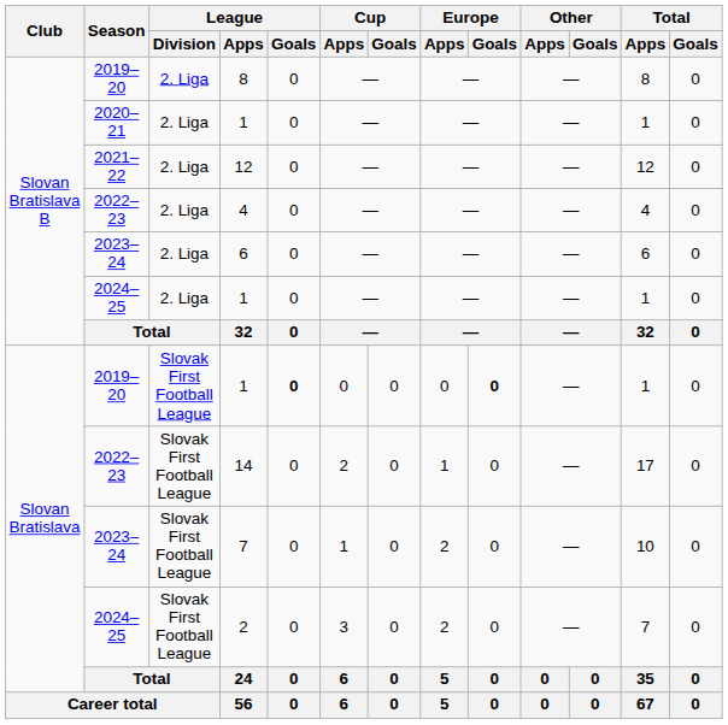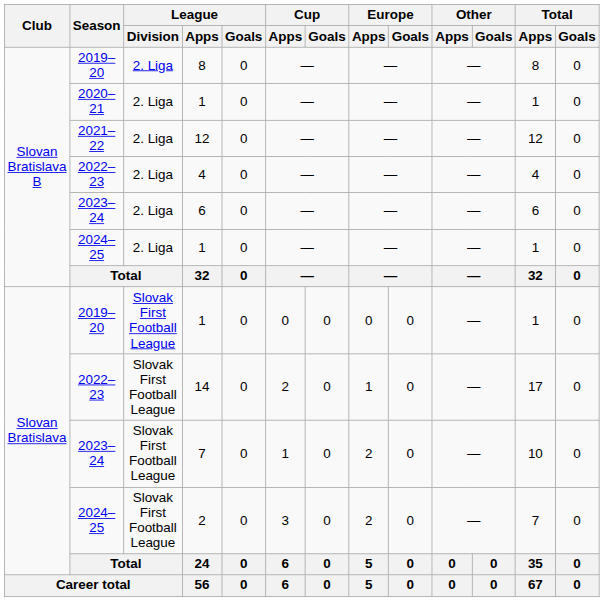 <table class="wikitable" style="text-align: center;">
 <tr>
 <th rowspan=2>Club</th>
 <th rowspan=2>Season</th>
 <th colspan=3>League</th>
 <th colspan=2>Cup</th>
 <th colspan=2>Europe</th>
 <th colspan=2>Other</th>
 <th colspan=2>Total</th>
 </tr>
 <tr>
 <th>Division</th>
 <th>Apps</th>
 <th>Goals</th>
 <th>Apps</th>
 <th>Goals</th>
 <th>Apps</th>
 <th>Goals</th>
 <th>Apps</th>
 <th>Goals</th>
 <th>Apps</th>
 <th>Goals</th>
 </tr>
 <tr>
 <td rowspan="7"><a href='#'>Slovan Bratislava B</a></td>
 <td><a href='#'>2019–20</a></td>
 <td><a href='#'>2. Liga</a></td>
 <td>8</td>
 <td>0</td>
 <td colspan="2">—</td>
 <td colspan="2">—</td>
 <td colspan="2">—</td>
 <td>8</td>
 <td>0</td>
 </tr>
 <tr>
 <td><a href='#'>2020–21</a></td>
 <td>2. Liga</td>
 <td>1</td>
 <td>0</td>
 <td colspan="2">—</td>
 <td colspan="2">—</td>
 <td colspan="2">—</td>
 <td>1</td>
 <td>0</td>
 </tr>
 <tr>
 <td><a href='#'>2021–22</a></td>
 <td>2. Liga</td>
 <td>12</td>
 <td>0</td>
 <td colspan="2">—</td>
 <td colspan="2">—</td>
 <td colspan="2">—</td>
 <td>12</td>
 <td>0</td>
 </tr>
 <tr>
 <td><a href='#'>2022–23</a></td>
 <td>2. Liga</td>
 <td>4</td>
 <td>0</td>
 <td colspan="2">—</td>
 <td colspan="2">—</td>
 <td colspan="2">—</td>
 <td>4</td>
 <td>0</td>
 </tr>
 <tr>
 <td><a href='#'>2023–24</a></td>
 <td>2. Liga</td>
 <td>6</td>
 <td>0</td>
 <td colspan="2">—</td>
 <td colspan="2">—</td>
 <td colspan="2">—</td>
 <td>6</td>
 <td>0</td>
 </tr>
 <tr>
 <td><a href='#'>2024–25</a></td>
 <td>2. Liga</td>
 <td>1</td>
 <td>0</td>
 <td colspan="2">—</td>
 <td colspan="2">—</td>
 <td colspan="2">—</td>
 <td>1</td>
 <td>0</td>
 </tr>
 <tr>
 <th colspan="2">Total</th>
 <th>32</th>
 <th>0</th>
 <th colspan="2">—</th>
 <th colspan="2">—</th>
 <th colspan="2">—</th>
 <th>32</th>
 <th>0</th>
 </tr>
 <tr>
 <td rowspan="5"><a href='#'>Slovan Bratislava</a></td>
 <td><a href='#'>2019–20</a></td>
 <td><a href='#'>Slovak First Football League</a></td>
 <td>1</td>
-<td><strong>0</strong></td>
 <td>0</td>
 <td>0</td>
 <td>0</td>
-<td><strong>0</strong></td>
+<td>0</td>
+<td>0</td>
 <td colspan="2">—</td>
 <td>1</td>
 <td>0</td>
 </tr>
 <tr>
 <td><a href='#'>2022–23</a></td>
 <td>Slovak First Football League</td>
 <td>14</td>
 <td>0</td>
 <td>2</td>
 <td>0</td>
 <td>1</td>
 <td>0</td>
 <td colspan="2">—</td>
 <td>17</td>
 <td>0</td>
 </tr>
 <tr>
 <td><a href='#'>2023–24</a></td>
 <td>Slovak First Football League</td>
 <td>7</td>
 <td>0</td>
 <td>1</td>
 <td>0</td>
 <td>2</td>
 <td>0</td>
 <td colspan="2">—</td>
 <td>10</td>
 <td>0</td>
 </tr>
 <tr>
 <td><a href='#'>2024–25</a></td>
 <td>Slovak First Football League</td>
 <td>2</td>
 <td>0</td>
 <td>3</td>
 <td>0</td>
 <td>2</td>
 <td>0</td>
 <td colspan="2">—</td>
 <td>7</td>
 <td>0</td>
 </tr>
 <tr>
 <th colspan="2">Total</th>
 <th>24</th>
 <th>0</th>
 <th>6</th>
 <th>0</th>
 <th>5</th>
 <th>0</th>
 <th>0</th>
 <th>0</th>
 <th>35</th>
 <th>0</th>
 </tr>
 <tr>
 <th colspan="3">Career total</th>
 <th>56</th>
 <th>0</th>
 <th>6</th>
 <th>0</th>
 <th>5</th>
 <th>0</th>
 <th>0</th>
 <th>0</th>
 <th>67</th>
 <th>0</th>
 </tr>
 </table>
